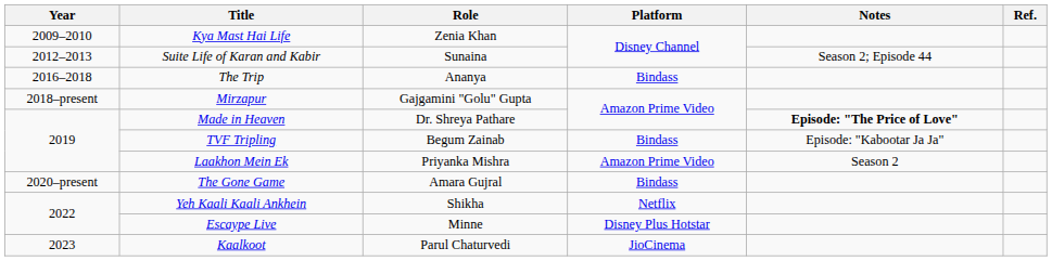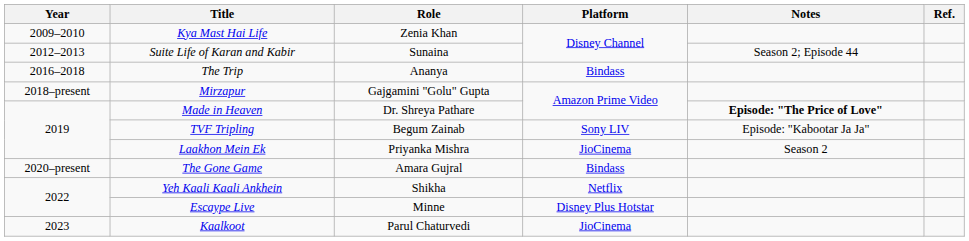 <table class="wikitable sortable" style="width: 100%; text-align: center;">
 <tr>
 <th>Year</th>
 <th>Title</th>
 <th>Role</th>
 <th>Platform</th>
 <th>Notes</th>
 <th>Ref.</th>
 </tr>
 <tr>
 <td>2009–2010</td>
 <td><em><a href='#'>Kya Mast Hai Life</a></em></td>
 <td>Zenia Khan</td>
 <td rowspan="2"><a href='#'>Disney Channel</a></td>
 <td></td>
 <td></td>
 </tr>
 <tr>
 <td>2012–2013</td>
 <td><em>Suite Life of Karan and Kabir</em></td>
 <td>Sunaina</td>
 <td>Season 2; Episode 44</td>
 <td></td>
 </tr>
 <tr>
 <td>2016–2018</td>
 <td><em>The Trip</em></td>
 <td>Ananya</td>
 <td><a href='#'>Bindass</a></td>
 <td></td>
 <td></td>
 </tr>
 <tr>
 <td>2018–present</td>
 <td><em><a href='#'>Mirzapur</a></em></td>
 <td>Gajgamini "Golu" Gupta</td>
 <td rowspan="2"><a href='#'>Amazon Prime Video</a></td>
 <td></td>
 <td></td>
 </tr>
 <tr>
 <td rowspan="3">2019</td>
 <td><em><a href='#'>Made in Heaven</a></em></td>
 <td>Dr. Shreya Pathare</td>
 <td><strong>Episode: "The Price of Love"</strong></td>
 <td></td>
 </tr>
 <tr>
 <td><em><a href='#'>TVF Tripling</a></em></td>
 <td>Begum Zainab</td>
-<td><a href='#'>Bindass</a></td>
+<td><a href='#'>Sony LIV</a></td>
 <td>Episode: "Kabootar Ja Ja"</td>
 <td></td>
 </tr>
 <tr>
 <td><em><a href='#'>Laakhon Mein Ek</a></em></td>
 <td>Priyanka Mishra</td>
-<td><a href='#'>Amazon Prime Video</a></td>
+<td><a href='#'>JioCinema</a></td>
 <td>Season 2</td>
 <td></td>
 </tr>
 <tr>
 <td>2020–present</td>
 <td><em><a href='#'>The Gone Game</a></em></td>
 <td>Amara Gujral</td>
 <td><a href='#'>Bindass</a></td>
 <td></td>
 <td></td>
 </tr>
 <tr>
 <td rowspan="2">2022</td>
 <td><em><a href='#'>Yeh Kaali Kaali Ankhein</a></em></td>
 <td>Shikha</td>
 <td><a href='#'>Netflix</a></td>
 <td></td>
 <td></td>
 </tr>
 <tr>
 <td><em><a href='#'>Escaype Live</a></em></td>
 <td>Minne</td>
 <td><a href='#'>Disney Plus Hotstar</a></td>
 <td></td>
 <td></td>
 </tr>
 <tr>
 <td>2023</td>
 <td><em><a href='#'>Kaalkoot</a></em></td>
 <td>Parul Chaturvedi</td>
 <td><a href='#'>JioCinema</a></td>
 <td></td>
 </tr>
 </table>
